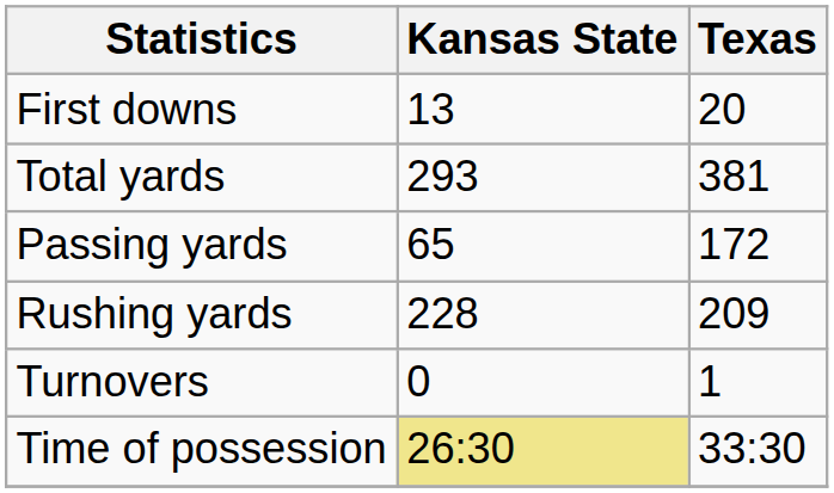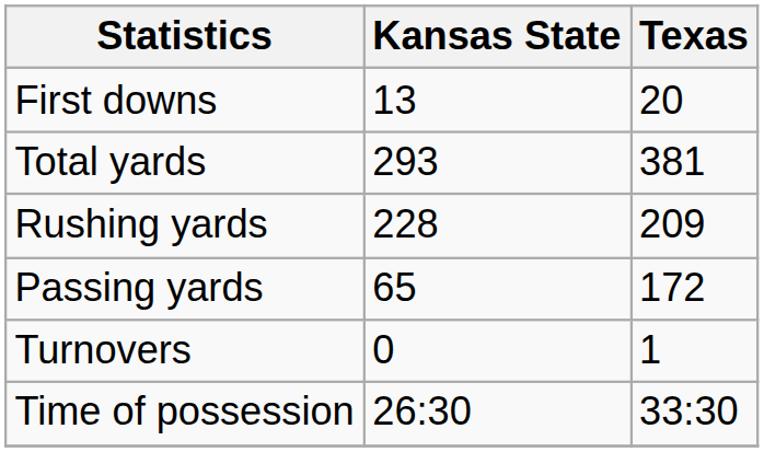 <table class="wikitable" style="float: left;">
 <tr>
 <th>Statistics</th>
 <th>Kansas State</th>
 <th>Texas</th>
 </tr>
 <tr>
 <td>First downs</td>
 <td>13</td>
 <td>20</td>
 </tr>
 <tr>
 <td>Total yards</td>
 <td>293</td>
 <td>381</td>
 </tr>
 <tr>
+<td>Rushing yards</td>
+<td>228</td>
+<td>209</td>
+</tr>
+<tr>
 <td>Passing yards</td>
 <td>65</td>
 <td>172</td>
-</tr>
-<tr>
-<td>Rushing yards</td>
-<td>228</td>
-<td>209</td>
 </tr>
 <tr>
 <td>Turnovers</td>
 <td>0</td>
 <td>1</td>
 </tr>
 <tr>
 <td>Time of possession</td>
-<td style="background: khaki;">26:30</td>
+<td>26:30</td>
 <td>33:30</td>
 </tr>
 <tr>
 </tr>
 </table>
